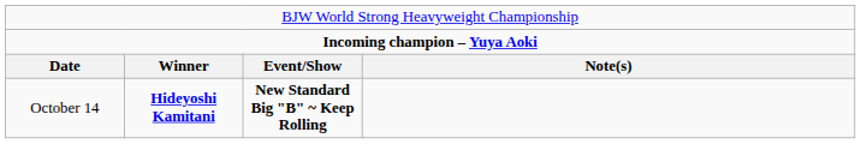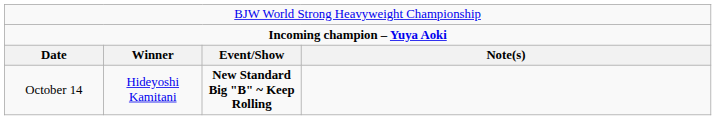 <table class="wikitable" style="text-align:center; width:100%;">
 <tr>
 <td colspan="4" style="text-align: center;"><a href='#'>BJW World Strong Heavyweight Championship</a></td>
 </tr>
 <tr>
 <td colspan="4" style="text-align: center;"><strong>Incoming champion – <a href='#'>Yuya Aoki</a></strong></td>
 </tr>
 <tr>
 <th width=14%>Date</th>
 <th width=14%>Winner</th>
 <th width=14%>Event/Show</th>
 <th width=58%>Note(s)</th>
 </tr>
 <tr>
 <td>October 14<br></td>
-<td><strong><a href='#'>Hideyoshi Kamitani</a></strong></td>
+<td><a href='#'>Hideyoshi Kamitani</a></td>
 <td><strong>New Standard Big "B" ~ Keep Rolling<br></strong></td>
 <td></td>
 </tr>
 </table>
